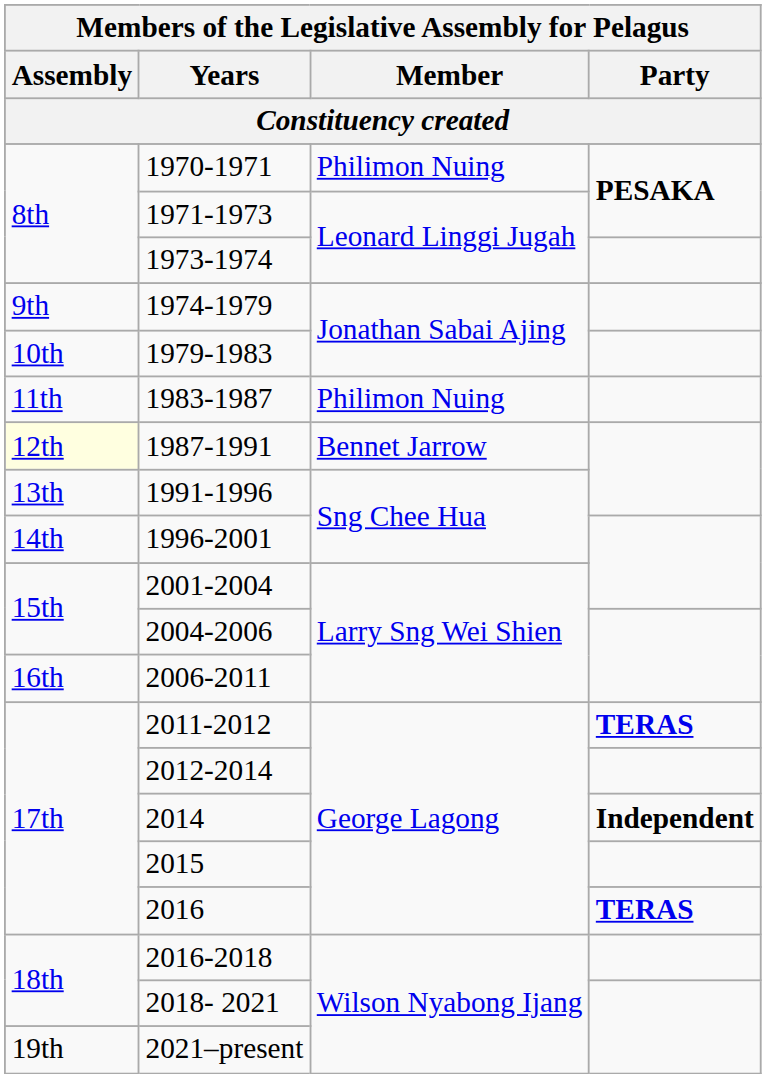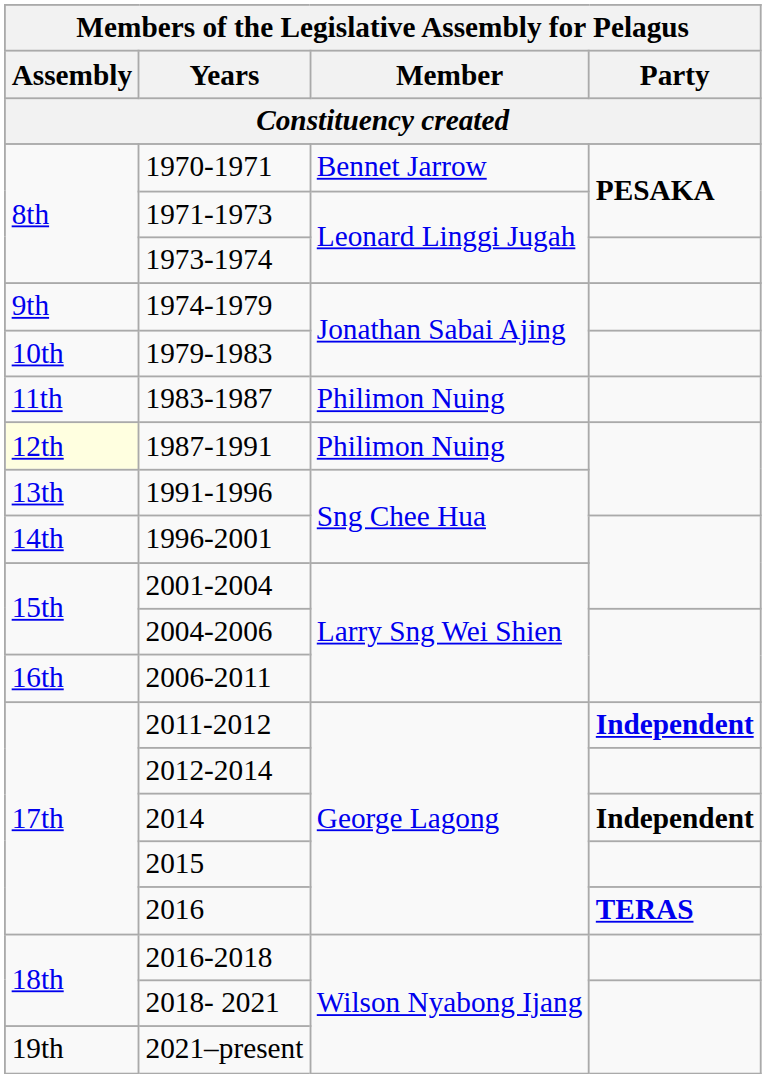 <table class=wikitable>
 <tr>
 <th colspan="4">Members of the Legislative Assembly for Pelagus</th>
 </tr>
 <tr>
 <th>Assembly</th>
 <th>Years</th>
 <th>Member</th>
 <th>Party</th>
 </tr>
 <tr>
 <th colspan=4 align=center><em>Constituency created</em></th>
 </tr>
 <tr>
 <td rowspan=3><a href='#'>8th</a></td>
 <td>1970-1971</td>
-<td><a href='#'>Philimon Nuing</a></td>
+<td><a href='#'>Bennet Jarrow</a></td>
 <td rowspan=2><strong>PESAKA</strong></td>
 </tr>
 <tr>
 <td>1971-1973</td>
 <td rowspan=2><a href='#'>Leonard Linggi Jugah</a></td>
 </tr>
 <tr>
 <td>1973-1974</td>
 <td></td>
 </tr>
 <tr>
 <td><a href='#'>9th</a></td>
 <td>1974-1979</td>
 <td rowspan=2><a href='#'>Jonathan Sabai Ajing</a></td>
 <td></td>
 </tr>
 <tr>
 <td><a href='#'>10th</a></td>
 <td>1979-1983</td>
 <td></td>
 </tr>
 <tr>
 <td><a href='#'>11th</a></td>
 <td>1983-1987</td>
 <td><a href='#'>Philimon Nuing</a></td>
 <td></td>
 </tr>
 <tr>
 <td style="background: lightyellow;"><a href='#'>12th</a></td>
 <td>1987-1991</td>
-<td><a href='#'>Bennet Jarrow</a></td>
+<td><a href='#'>Philimon Nuing</a></td>
 <td rowspan=2></td>
 </tr>
 <tr>
 <td><a href='#'>13th</a></td>
 <td>1991-1996</td>
 <td rowspan=2><a href='#'>Sng Chee Hua</a></td>
 </tr>
 <tr>
 <td><a href='#'>14th</a></td>
 <td>1996-2001</td>
 <td rowspan=2></td>
 </tr>
 <tr>
 <td rowspan=2><a href='#'>15th</a></td>
 <td>2001-2004</td>
 <td rowspan=3><a href='#'>Larry Sng Wei Shien</a></td>
 </tr>
 <tr>
 <td>2004-2006</td>
 <td rowspan=2></td>
 </tr>
 <tr>
 <td><a href='#'>16th</a></td>
 <td>2006-2011</td>
 </tr>
 <tr>
 <td rowspan=5><a href='#'>17th</a></td>
 <td>2011-2012</td>
 <td rowspan=5><a href='#'>George Lagong</a></td>
-<td><strong><a href='#'>TERAS</a></strong></td>
+<td><strong><a href='#'>Independent</a></strong></td>
 </tr>
 <tr>
 <td>2012-2014</td>
 <td></td>
 </tr>
 <tr>
 <td>2014</td>
 <td><strong>Independent</strong></td>
 </tr>
 <tr>
 <td>2015</td>
 <td></td>
 </tr>
 <tr>
 <td>2016</td>
 <td><strong><a href='#'>TERAS</a></strong></td>
 </tr>
 <tr>
 <td rowspan="2"><a href='#'>18th</a></td>
 <td>2016-2018</td>
 <td rowspan="3"><a href='#'>Wilson Nyabong Ijang</a></td>
 <td></td>
 </tr>
 <tr>
 <td>2018- 2021</td>
 <td rowspan="2"></td>
 </tr>
 <tr>
 <td>19th</td>
 <td>2021–present</td>
 </tr>
 </table>
